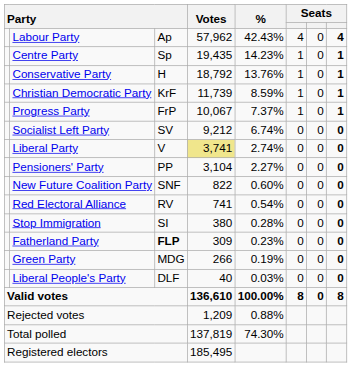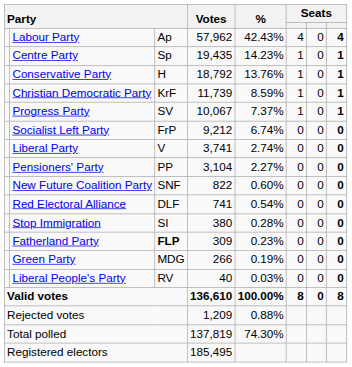 <table class="wikitable" border="1" style="text-align:right;">
 <tr>
 <th style="text-align:left;" valign=bottom rowspan=2 colspan=3>Party</th>
 <th align=center valign=bottom rowspan=2 width="50">Votes</th>
 <th align=center valign=bottom rowspan=2 width="50">%</th>
 <th colspan=3>Seats</th>
 </tr>
 <tr>
 <th align=center valign=bottom width="20"><small></small></th>
 <th align=center valign=bottom width="20"><small><a href='#'></a></small></th>
 <th align=center valign=bottom width="20"><small></small></th>
 </tr>
 <tr>
 <td style="color:inherit;background:"></td>
 <td align=left><a href='#'>Labour Party</a></td>
 <td align=left>Ap</td>
 <td>57,962</td>
 <td>42.43%</td>
 <td>4</td>
 <td>0</td>
 <td><strong>4</strong></td>
 </tr>
 <tr>
 <td style="color:inherit;background:"></td>
 <td align=left><a href='#'>Centre Party</a></td>
 <td align=left>Sp</td>
 <td>19,435</td>
 <td>14.23%</td>
 <td>1</td>
 <td>0</td>
 <td><strong>1</strong></td>
 </tr>
 <tr>
 <td style="color:inherit;background:"></td>
 <td align=left><a href='#'>Conservative Party</a></td>
 <td align=left>H</td>
 <td>18,792</td>
 <td>13.76%</td>
 <td>1</td>
 <td>0</td>
 <td><strong>1</strong></td>
 </tr>
 <tr>
 <td style="color:inherit;background:"></td>
 <td align=left><a href='#'>Christian Democratic Party</a></td>
 <td align=left>KrF</td>
 <td>11,739</td>
 <td>8.59%</td>
 <td>1</td>
 <td>0</td>
 <td><strong>1</strong></td>
 </tr>
 <tr>
 <td style="color:inherit;background:"></td>
 <td align=left><a href='#'>Progress Party</a></td>
-<td align=left>FrP</td>
+<td align=left>SV</td>
 <td>10,067</td>
 <td>7.37%</td>
 <td>1</td>
 <td>0</td>
 <td><strong>1</strong></td>
 </tr>
 <tr>
 <td style="color:inherit;background:"></td>
 <td align=left><a href='#'>Socialist Left Party</a></td>
-<td align=left>SV</td>
+<td align=left>FrP</td>
 <td>9,212</td>
 <td>6.74%</td>
 <td>0</td>
 <td>0</td>
 <td><strong>0</strong></td>
 </tr>
 <tr>
 <td style="color:inherit;background:"></td>
 <td align=left><a href='#'>Liberal Party</a></td>
 <td align=left>V</td>
-<td style="background: khaki;">3,741</td>
+<td>3,741</td>
 <td>2.74%</td>
 <td>0</td>
 <td>0</td>
 <td><strong>0</strong></td>
 </tr>
 <tr>
 <td style="color:inherit;background:"></td>
 <td align=left><a href='#'>Pensioners' Party</a></td>
 <td align=left>PP</td>
 <td>3,104</td>
 <td>2.27%</td>
 <td>0</td>
 <td>0</td>
 <td><strong>0</strong></td>
 </tr>
 <tr>
 <td style="color:inherit;background:"></td>
 <td align=left><a href='#'>New Future Coalition Party</a></td>
 <td align=left>SNF</td>
 <td>822</td>
 <td>0.60%</td>
 <td>0</td>
 <td>0</td>
 <td><strong>0</strong></td>
 </tr>
 <tr>
 <td style="color:inherit;background:"></td>
 <td align=left><a href='#'>Red Electoral Alliance</a></td>
-<td align=left>RV</td>
+<td align=left>DLF</td>
 <td>741</td>
 <td>0.54%</td>
 <td>0</td>
 <td>0</td>
 <td><strong>0</strong></td>
 </tr>
 <tr>
 <td style="color:inherit;background:"></td>
 <td align=left><a href='#'>Stop Immigration</a></td>
 <td align=left>SI</td>
 <td>380</td>
 <td>0.28%</td>
 <td>0</td>
 <td>0</td>
 <td><strong>0</strong></td>
 </tr>
 <tr>
 <td style="color:inherit;background:"></td>
 <td align=left><a href='#'>Fatherland Party</a></td>
 <td align=left><strong>FLP</strong></td>
 <td>309</td>
 <td>0.23%</td>
 <td>0</td>
 <td>0</td>
 <td><strong>0</strong></td>
 </tr>
 <tr>
 <td style="color:inherit;background:"></td>
 <td align=left><a href='#'>Green Party</a></td>
 <td align=left>MDG</td>
 <td>266</td>
 <td>0.19%</td>
 <td>0</td>
 <td>0</td>
 <td><strong>0</strong></td>
 </tr>
 <tr>
 <td style="color:inherit;background:"></td>
 <td align=left><a href='#'>Liberal People's Party</a></td>
-<td align=left>DLF</td>
+<td align=left>RV</td>
 <td>40</td>
 <td>0.03%</td>
 <td>0</td>
 <td>0</td>
 <td><strong>0</strong></td>
 </tr>
 <tr style="font-weight:bold">
 <td align=left colspan=3>Valid votes</td>
 <td>136,610</td>
 <td>100.00%</td>
 <td>8</td>
 <td>0</td>
 <td>8</td>
 </tr>
 <tr>
 <td align=left colspan=3>Rejected votes</td>
 <td>1,209</td>
 <td>0.88%</td>
 <td></td>
 <td></td>
 <td></td>
 </tr>
 <tr>
 <td align=left colspan=3>Total polled</td>
 <td>137,819</td>
 <td>74.30%</td>
 <td></td>
 <td></td>
 <td></td>
 </tr>
 <tr>
 <td align=left colspan=3>Registered electors</td>
 <td>185,495</td>
 <td></td>
 <td></td>
 <td></td>
 <td></td>
 </tr>
 </table>
